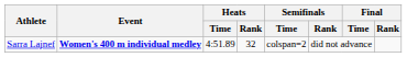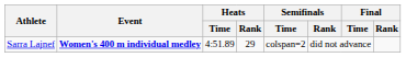 <table class=wikitable style="font-size:90%">
 <tr>
 <th rowspan="2">Athlete</th>
 <th rowspan="2">Event</th>
 <th colspan="2">Heats</th>
 <th colspan="2">Semifinals</th>
 <th colspan="2">Final</th>
 </tr>
 <tr>
 <th>Time</th>
 <th>Rank</th>
 <th>Time</th>
 <th>Rank</th>
 <th>Time</th>
 <th>Rank</th>
 </tr>
 <tr>
 <td rowspan="1"><a href='#'>Sarra Lajnef</a></td>
 <td><strong><a href='#'>Women's 400 m individual medley</a></strong></td>
 <td align=center>4:51.89</td>
-<td align=center>32</td>
+<td align=center>29</td>
 <td>colspan=2 </td>
 <td align=center colspan=2>did not advance</td>
 </tr>
 </table>
